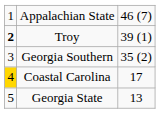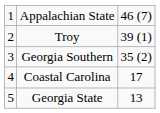 <table class="wikitable" style="display: inline-table;">
 <tr align="center">
 <td>1</td>
 <td>Appalachian State</td>
 <td>46 (7)</td>
 </tr>
 <tr align="center">
-<td><strong>2</strong></td>
+<td>2</td>
 <td>Troy</td>
 <td>39 (1)</td>
 </tr>
 <tr align="center">
 <td>3</td>
 <td>Georgia Southern</td>
 <td>35 (2)</td>
 </tr>
 <tr align="center">
-<td style="background: gold;">4</td>
+<td>4</td>
 <td>Coastal Carolina</td>
 <td>17</td>
 </tr>
 <tr align="center">
 <td>5</td>
 <td>Georgia State</td>
 <td>13</td>
 </tr>
 </table>
